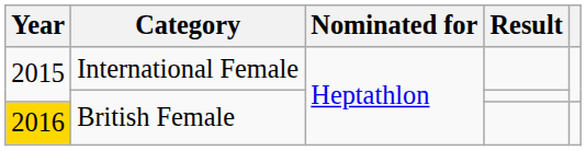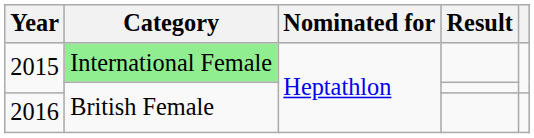 <table class="wikitable plainrowheaders">
 <tr>
 <th scope="col">Year</th>
 <th scope="col">Category</th>
 <th scope="col">Nominated for</th>
 <th scope="col">Result</th>
 <th scope="col"></th>
 </tr>
 <tr>
 <td rowspan = "2" align="center">2015</td>
-<td>International Female</td>
+<td style="background: lightgreen;">International Female</td>
 <td rowspan = "3"><a href='#'>Heptathlon</a></td>
 <td></td>
 <td rowspan = "2"><br></td>
 </tr>
 <tr>
 <td rowspan = "2">British Female</td>
 <td></td>
 </tr>
 <tr>
-<td align="center" style="background: gold;">2016</td>
+<td align="center">2016</td>
 <td></td>
 <td></td>
 </tr>
 </table>
